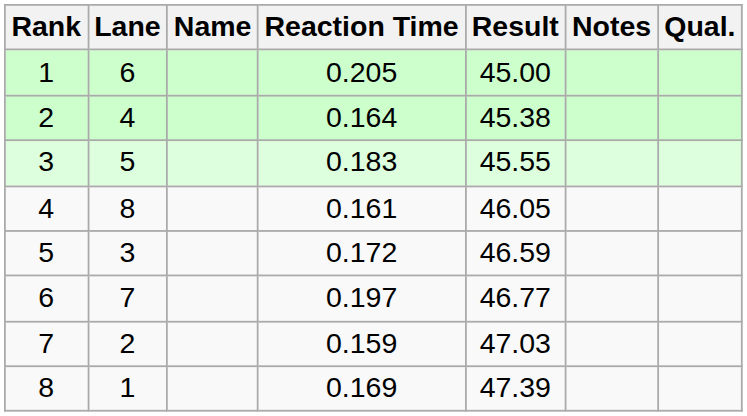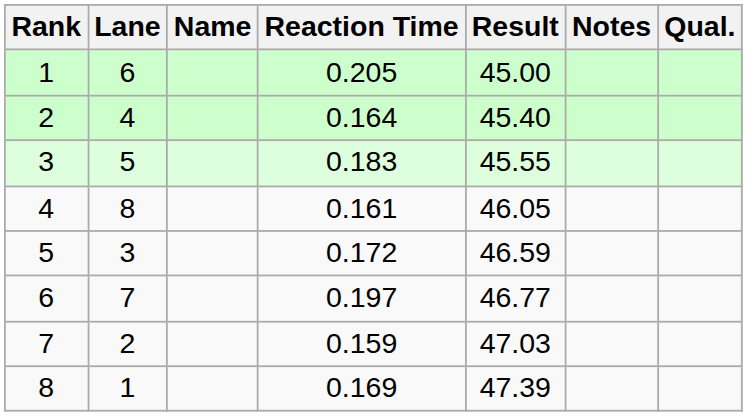 <table class="wikitable sortable" style="text-align:center">
 <tr>
 <th>Rank</th>
 <th>Lane</th>
 <th>Name</th>
 <th>Reaction Time</th>
 <th>Result</th>
 <th>Notes</th>
 <th>Qual.</th>
 </tr>
 <tr bgcolor=ccffcc>
 <td>1</td>
 <td>6</td>
 <td align="left"></td>
 <td>0.205</td>
 <td>45.00</td>
 <td></td>
 <td></td>
 </tr>
 <tr bgcolor=ccffcc>
 <td>2</td>
 <td>4</td>
 <td align="left"></td>
 <td>0.164</td>
-<td>45.38</td>
+<td>45.40</td>
 <td></td>
 <td></td>
 </tr>
 <tr bgcolor=ddffdd>
 <td>3</td>
 <td>5</td>
 <td align="left"></td>
 <td>0.183</td>
 <td>45.55</td>
 <td></td>
 <td></td>
 </tr>
 <tr>
 <td>4</td>
 <td>8</td>
 <td align="left"></td>
 <td>0.161</td>
 <td>46.05</td>
 <td></td>
 <td></td>
 </tr>
 <tr>
 <td>5</td>
 <td>3</td>
 <td align="left"></td>
 <td>0.172</td>
 <td>46.59</td>
 <td></td>
 <td></td>
 </tr>
 <tr>
 <td>6</td>
 <td>7</td>
 <td align="left"></td>
 <td>0.197</td>
 <td>46.77</td>
 <td></td>
 <td></td>
 </tr>
 <tr>
 <td>7</td>
 <td>2</td>
 <td align="left"></td>
 <td>0.159</td>
 <td>47.03</td>
 <td></td>
 <td></td>
 </tr>
 <tr>
 <td>8</td>
 <td>1</td>
 <td align="left"></td>
 <td>0.169</td>
 <td>47.39</td>
 <td></td>
 <td></td>
 </tr>
 </table>
